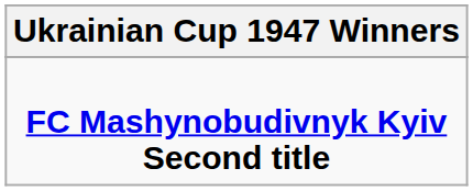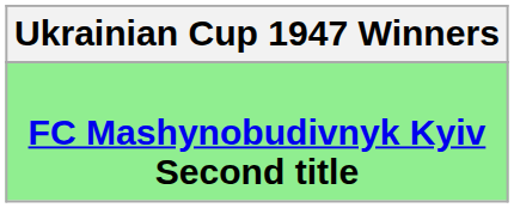 <table class="wikitable" style="text-align: center; margin: 0 auto;">
 <tr>
 <th>Ukrainian Cup 1947 Winners</th>
 </tr>
 <tr>
 </tr>
 <tr>
-<td><br><strong><a href='#'>FC Mashynobudivnyk Kyiv</a></strong><br><strong>Second title</strong></td>
+<td style="background: lightgreen;"><br><strong><a href='#'>FC Mashynobudivnyk Kyiv</a></strong><br><strong>Second title</strong></td>
 </tr>
 </table>
